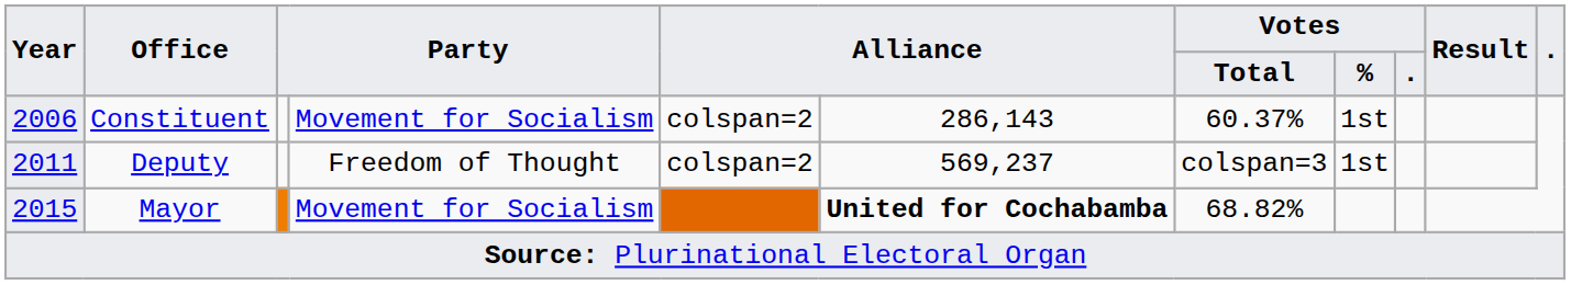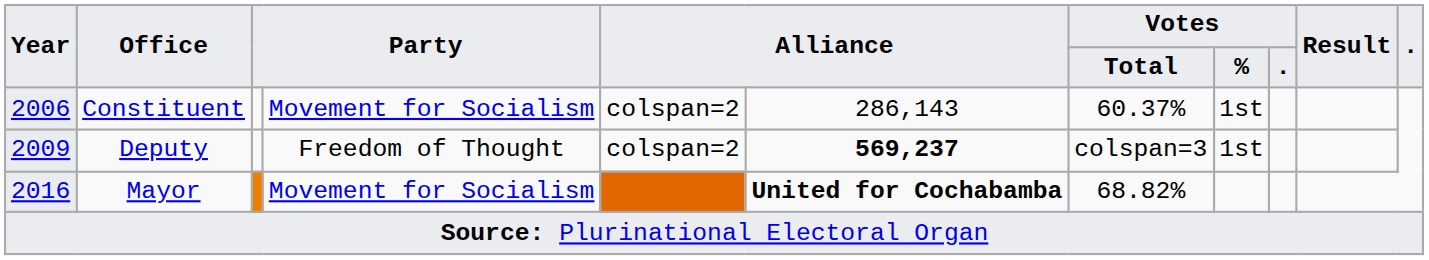 <table class="wikitable" style="font-size:90%; text-align:center;">
 <tr>
 <th style="background-color:#EAECF0;" rowspan=2>Year</th>
 <th style="background-color:#EAECF0;" rowspan=2>Office</th>
 <th style="background-color:#EAECF0;" colspan=2 rowspan=2>Party</th>
 <th style="background-color:#EAECF0;" colspan=2 rowspan=2>Alliance</th>
 <th style="background-color:#EAECF0;" colspan=3>Votes</th>
 <th style="background-color:#EAECF0;" rowspan=2>Result</th>
 <th style="background-color:#EAECF0;" rowspan=2>.</th>
 </tr>
 <tr>
 <th style="background-color:#EAECF0;">Total</th>
 <th style="background-color:#EAECF0;">%</th>
 <th style="background-color:#EAECF0;">.</th>
 </tr>
 <tr>
 <td style="background-color:#EAECF0;"><a href='#'>2006</a></td>
 <td><a href='#'>Constituent</a></td>
 <td style="background-color:"></td>
 <td><a href='#'>Movement for Socialism</a></td>
 <td>colspan=2 </td>
 <td>286,143</td>
 <td>60.37%</td>
 <td>1st</td>
 <td></td>
 <td></td>
 </tr>
 <tr>
-<td style="background-color:#EAECF0;"><a href='#'>2011</a></td>
+<td style="background-color:#EAECF0;"><a href='#'>2009</a></td>
 <td><a href='#'>Deputy</a></td>
 <td style="background-color:"></td>
 <td>Freedom of Thought</td>
 <td>colspan=2 </td>
-<td>569,237</td>
+<td><strong>569,237</strong></td>
 <td>colspan=3 </td>
 <td>1st</td>
 <td></td>
 <td></td>
 </tr>
 <tr>
-<td style="background-color:#EAECF0;"><a href='#'>2015</a></td>
+<td style="background-color:#EAECF0;"><a href='#'>2016</a></td>
 <td><a href='#'>Mayor</a></td>
 <td style="background-color:#F07D00;"></td>
 <td><a href='#'>Movement for Socialism</a></td>
 <td style="background-color:#E26700;"></td>
 <td><strong>United for Cochabamba</strong></td>
 <td>68.82%</td>
 <td></td>
 <td></td>
 </tr>
 <tr>
 <td style="background-color:#EAECF0;" colspan=11><strong>Source:</strong> <a href='#'>Plurinational Electoral Organ</a>  </td>
 </tr>
 </table>
